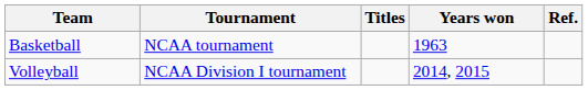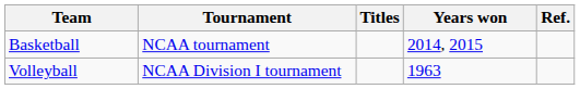 <table class="wikitable"; style= "text-align: ">
 <tr>
 <th width=120px>Team</th>
 <th width=200px>Tournament</th>
 <th width=px>Titles</th>
 <th width=120px>Years won</th>
 <th width=px>Ref.</th>
 </tr>
 <tr>
 <td><a href='#'>Basketball</a></td>
 <td><a href='#'>NCAA tournament</a></td>
 <td></td>
-<td><a href='#'>1963</a></td>
+<td><a href='#'>2014</a>, <a href='#'>2015</a></td>
 <td></td>
 </tr>
 <tr>
 <td><a href='#'>Volleyball</a></td>
 <td><a href='#'>NCAA Division I tournament</a></td>
 <td></td>
-<td><a href='#'>2014</a>, <a href='#'>2015</a></td>
+<td><a href='#'>1963</a></td>
 <td></td>
 </tr>
 </table>
